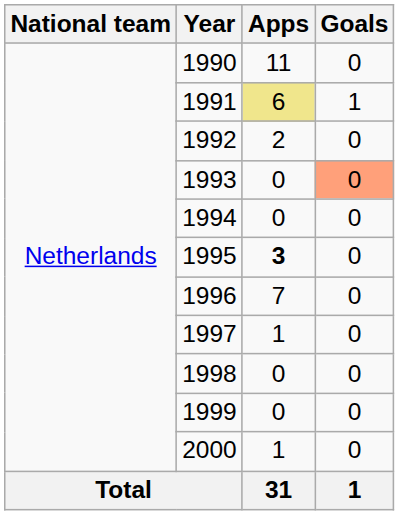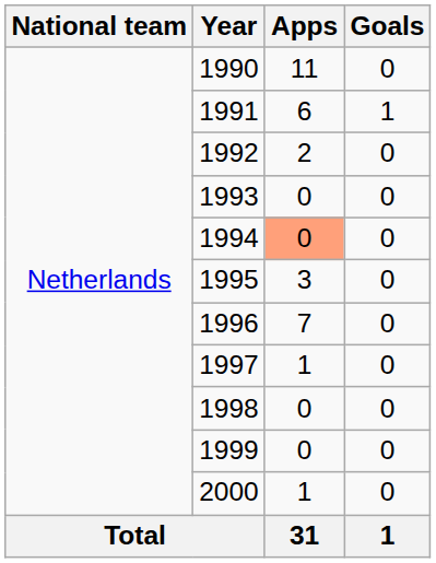 <table class="wikitable" style="text-align:center">
 <tr>
 <th>National team</th>
 <th>Year</th>
 <th>Apps</th>
 <th>Goals</th>
 </tr>
 <tr>
 <td rowspan="11"><a href='#'>Netherlands</a></td>
 <td>1990</td>
 <td>11</td>
 <td>0</td>
 </tr>
 <tr>
 <td>1991</td>
-<td style="background: khaki;">6</td>
+<td>6</td>
 <td>1</td>
 </tr>
 <tr>
 <td>1992</td>
 <td>2</td>
 <td>0</td>
 </tr>
 <tr>
 <td>1993</td>
 <td>0</td>
-<td style="background: lightsalmon;">0</td>
+<td>0</td>
 </tr>
 <tr>
 <td>1994</td>
-<td>0</td>
+<td style="background: lightsalmon;">0</td>
 <td>0</td>
 </tr>
 <tr>
 <td>1995</td>
-<td><strong>3</strong></td>
+<td>3</td>
 <td>0</td>
 </tr>
 <tr>
 <td>1996</td>
 <td>7</td>
 <td>0</td>
 </tr>
 <tr>
 <td>1997</td>
 <td>1</td>
 <td>0</td>
 </tr>
 <tr>
 <td>1998</td>
 <td>0</td>
 <td>0</td>
 </tr>
 <tr>
 <td>1999</td>
 <td>0</td>
 <td>0</td>
 </tr>
 <tr>
 <td>2000</td>
 <td>1</td>
 <td>0</td>
 </tr>
 <tr>
 <th colspan="2">Total</th>
 <th>31</th>
 <th>1</th>
 </tr>
 </table>
